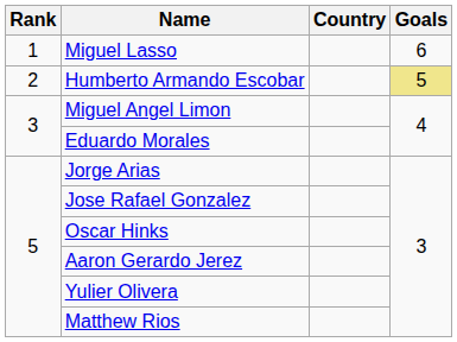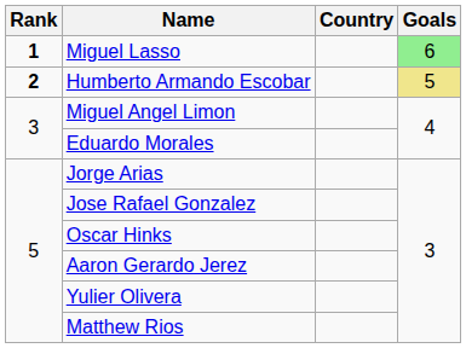 <table class="wikitable" style="text-align: center;">
 <tr>
 <th>Rank</th>
 <th>Name</th>
 <th>Country</th>
 <th>Goals</th>
 </tr>
 <tr>
-<td>1</td>
+<td><strong>1</strong></td>
 <td align="left"><a href='#'>Miguel Lasso</a></td>
 <td align="left"></td>
-<td>6</td>
+<td style="background: lightgreen;">6</td>
 </tr>
 <tr>
-<td>2</td>
+<td><strong>2</strong></td>
 <td align="left"><a href='#'>Humberto Armando Escobar</a></td>
 <td align="left"></td>
 <td style="background: khaki;">5</td>
 </tr>
 <tr>
 <td rowspan="2">3</td>
 <td align="left"><a href='#'>Miguel Angel Limon</a></td>
 <td align="left"></td>
 <td rowspan="2">4</td>
 </tr>
 <tr>
 <td align="left"><a href='#'>Eduardo Morales</a></td>
 <td align="left"></td>
 </tr>
 <tr>
 <td rowspan="6">5</td>
 <td align="left"><a href='#'>Jorge Arias</a></td>
 <td align="left"></td>
 <td rowspan="6">3</td>
 </tr>
 <tr>
 <td align="left"><a href='#'>Jose Rafael Gonzalez</a></td>
 <td align="left"></td>
 </tr>
 <tr>
 <td align="left"><a href='#'>Oscar Hinks</a></td>
 <td align="left"></td>
 </tr>
 <tr>
 <td align="left"><a href='#'>Aaron Gerardo Jerez</a></td>
 <td align="left"></td>
 </tr>
 <tr>
 <td align="left"><a href='#'>Yulier Olivera</a></td>
 <td align="left"></td>
 </tr>
 <tr>
 <td align="left"><a href='#'>Matthew Rios</a></td>
 <td align="left"></td>
 </tr>
 </table>
